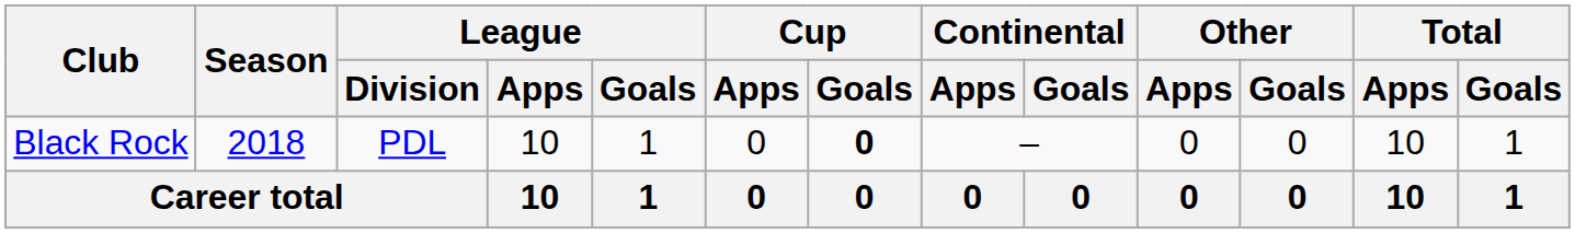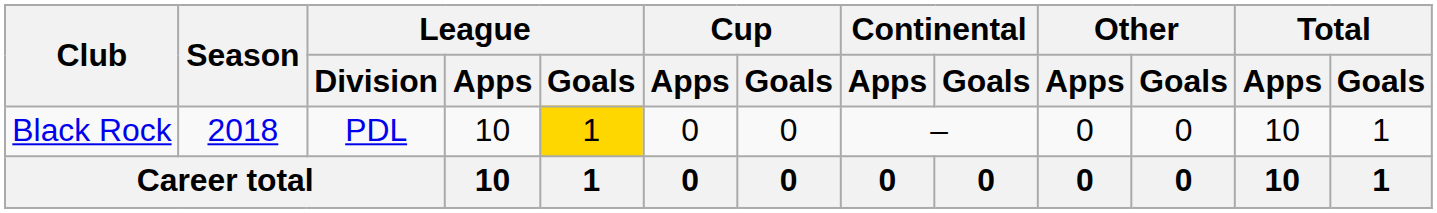 <table class="wikitable" style="text-align: center">
 <tr>
 <th rowspan="2">Club</th>
 <th rowspan="2">Season</th>
 <th colspan="3">League</th>
 <th colspan="2">Cup</th>
 <th colspan="2">Continental</th>
 <th colspan="2">Other</th>
 <th colspan="2">Total</th>
 </tr>
 <tr>
 <th>Division</th>
 <th>Apps</th>
 <th>Goals</th>
 <th>Apps</th>
 <th>Goals</th>
 <th>Apps</th>
 <th>Goals</th>
 <th>Apps</th>
 <th>Goals</th>
 <th>Apps</th>
 <th>Goals</th>
 </tr>
 <tr>
 <td><a href='#'>Black Rock</a></td>
 <td><a href='#'>2018</a></td>
 <td><a href='#'>PDL</a></td>
 <td>10</td>
-<td>1</td>
+<td style="background: gold;">1</td>
 <td>0</td>
-<td><strong>0</strong></td>
+<td>0</td>
 <td colspan="2">–</td>
 <td>0</td>
 <td>0</td>
 <td>10</td>
 <td>1</td>
 </tr>
 <tr>
 <th colspan="3"><strong>Career total</strong></th>
 <th>10</th>
 <th>1</th>
 <th>0</th>
 <th>0</th>
 <th>0</th>
 <th>0</th>
 <th>0</th>
 <th>0</th>
 <th>10</th>
 <th>1</th>
 </tr>
 </table>
